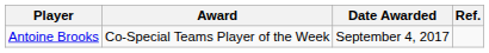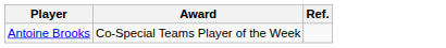 <table class="wikitable sortable sortable" style="text-align: center">
 <tr align=center>
 <th>Player</th>
 <th>Award</th>
-<th>Date Awarded</th>
 <th>Ref.</th>
 </tr>
 <tr>
 <td><a href='#'>Antoine Brooks</a></td>
 <td>Co-Special Teams Player of the Week</td>
-<td>September 4, 2017</td>
 <td></td>
 </tr>
 </table>
